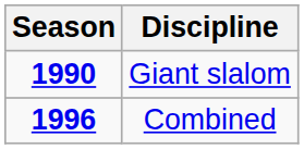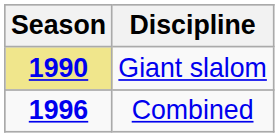 <table class="wikitable">
 <tr>
 <th>Season</th>
 <th>Discipline</th>
 </tr>
 <tr>
-<td align=center><strong><a href='#'>1990</a></strong></td>
+<td align=center style="background: khaki;"><strong><a href='#'>1990</a></strong></td>
 <td align=center><a href='#'>Giant slalom</a></td>
 </tr>
 <tr>
 <td align=center><strong><a href='#'>1996</a></strong></td>
 <td align=center><a href='#'>Combined</a></td>
 </tr>
 </table>
